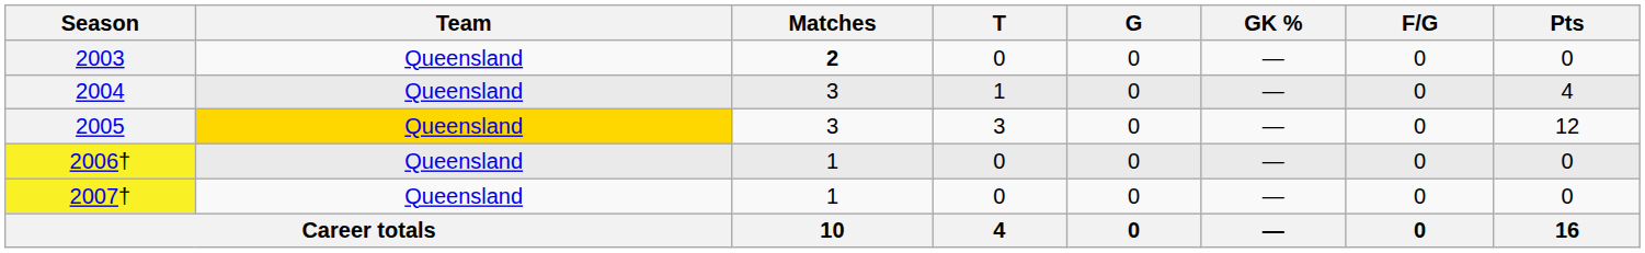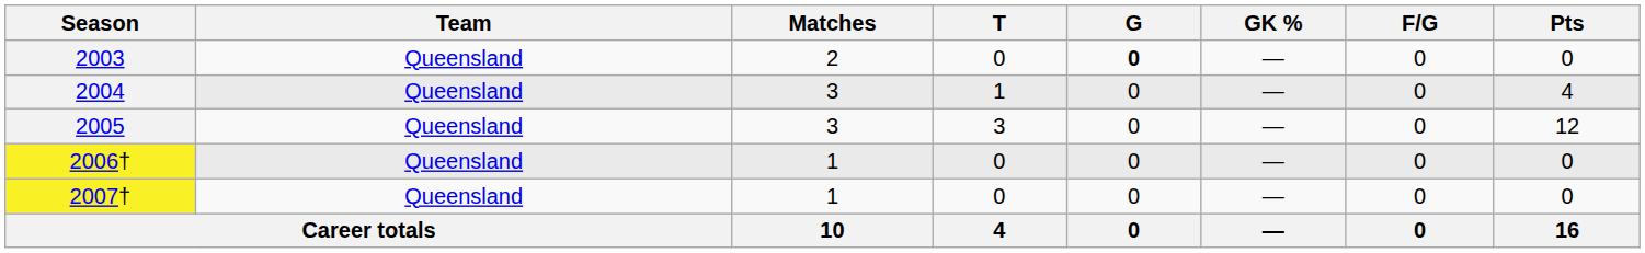 <table class="wikitable sortable"  style="font-size:90%; text-align:center; width:85%;">
 <tr>
 <th width=2%>Season</th>
 <th width=8%>Team</th>
 <th width=2%>Matches</th>
 <th width=2%>T</th>
 <th width=2%>G</th>
 <th width=2%>GK %</th>
 <th width=2%>F/G</th>
 <th width=2%>Pts</th>
 </tr>
 <tr>
 <th scope="row" style="text-align:center; font-weight:normal"><a href='#'>2003</a></th>
 <td style="text-align:center;"> <a href='#'>Queensland</a></td>
-<td><strong>2</strong></td>
+<td>2</td>
 <td>0</td>
-<td>0</td>
+<td><strong>0</strong></td>
 <td>—</td>
 <td>0</td>
 <td>0</td>
 </tr>
 <tr style="background-color: #EAEAEA">
 <th scope="row" style="text-align:center; font-weight:normal"><a href='#'>2004</a></th>
 <td style="text-align:center;"> <a href='#'>Queensland</a></td>
 <td>3</td>
 <td>1</td>
 <td>0</td>
 <td>—</td>
 <td>0</td>
 <td>4</td>
 </tr>
 <tr>
 <th scope="row" style="text-align:center; font-weight:normal"><a href='#'>2005</a></th>
-<td style="background: gold; text-align:center;"> <a href='#'>Queensland</a></td>
+<td style="text-align:center;"> <a href='#'>Queensland</a></td>
 <td>3</td>
 <td>3</td>
 <td>0</td>
 <td>—</td>
 <td>0</td>
 <td>12</td>
 </tr>
 <tr style="background-color: #EAEAEA">
 <th scope="row" style="text-align:center;background:#f9f025; font-weight:normal"><a href='#'>2006</a>†</th>
 <td style="text-align:center;"> <a href='#'>Queensland</a></td>
 <td>1</td>
 <td>0</td>
 <td>0</td>
 <td>—</td>
 <td>0</td>
 <td>0</td>
 </tr>
 <tr>
 <th scope="row" style="text-align:center;background:#f9f025; font-weight:normal"><a href='#'>2007</a>†</th>
 <td style="text-align:center;"> <a href='#'>Queensland</a></td>
 <td>1</td>
 <td>0</td>
 <td>0</td>
 <td>—</td>
 <td>0</td>
 <td>0</td>
 </tr>
 <tr class="sortbottom">
 <th colspan=2>Career totals</th>
 <th>10</th>
 <th>4</th>
 <th>0</th>
 <th>—</th>
 <th>0</th>
 <th>16</th>
 </tr>
 </table>
